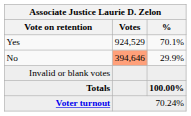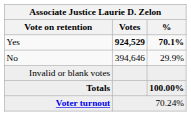 <table class="wikitable" style="font-size: 95%;">
 <tr style="background-color:#E9E9E9">
 <th colspan=7>Associate Justice Laurie D. Zelon</th>
 </tr>
 <tr style="background-color:#E9E9E9">
 <th style="width: 170px">Vote on retention</th>
 <th style="width: 50px">Votes</th>
 <th style="width: 40px">%</th>
 </tr>
 <tr>
 <td>Yes</td>
-<td align="right">924,529</td>
-<td align="right">70.1%</td>
+<td align="right"><strong>924,529</strong></td>
+<td align="right"><strong>70.1%</strong></td>
 </tr>
 <tr>
 <td>No</td>
-<td align="right" style="background: lightsalmon;">394,646</td>
+<td align="right">394,646</td>
 <td align="right">29.9%</td>
 </tr>
 <tr bgcolor="#EEEEEE">
 <td align="right">Invalid or blank votes</td>
 <td align="right"></td>
 <td align="right"></td>
 </tr>
 <tr bgcolor="#EEEEEE">
 <td align="right"><strong>Totals</strong></td>
 <td align="right"><strong></strong></td>
 <td align="right"><strong>100.00%</strong></td>
 </tr>
 <tr bgcolor="#EEEEEE">
 <td align="right"><strong><a href='#'>Voter turnout</a></strong></td>
 <td colspan="2" align="right">70.24%</td>
 </tr>
 </table>
